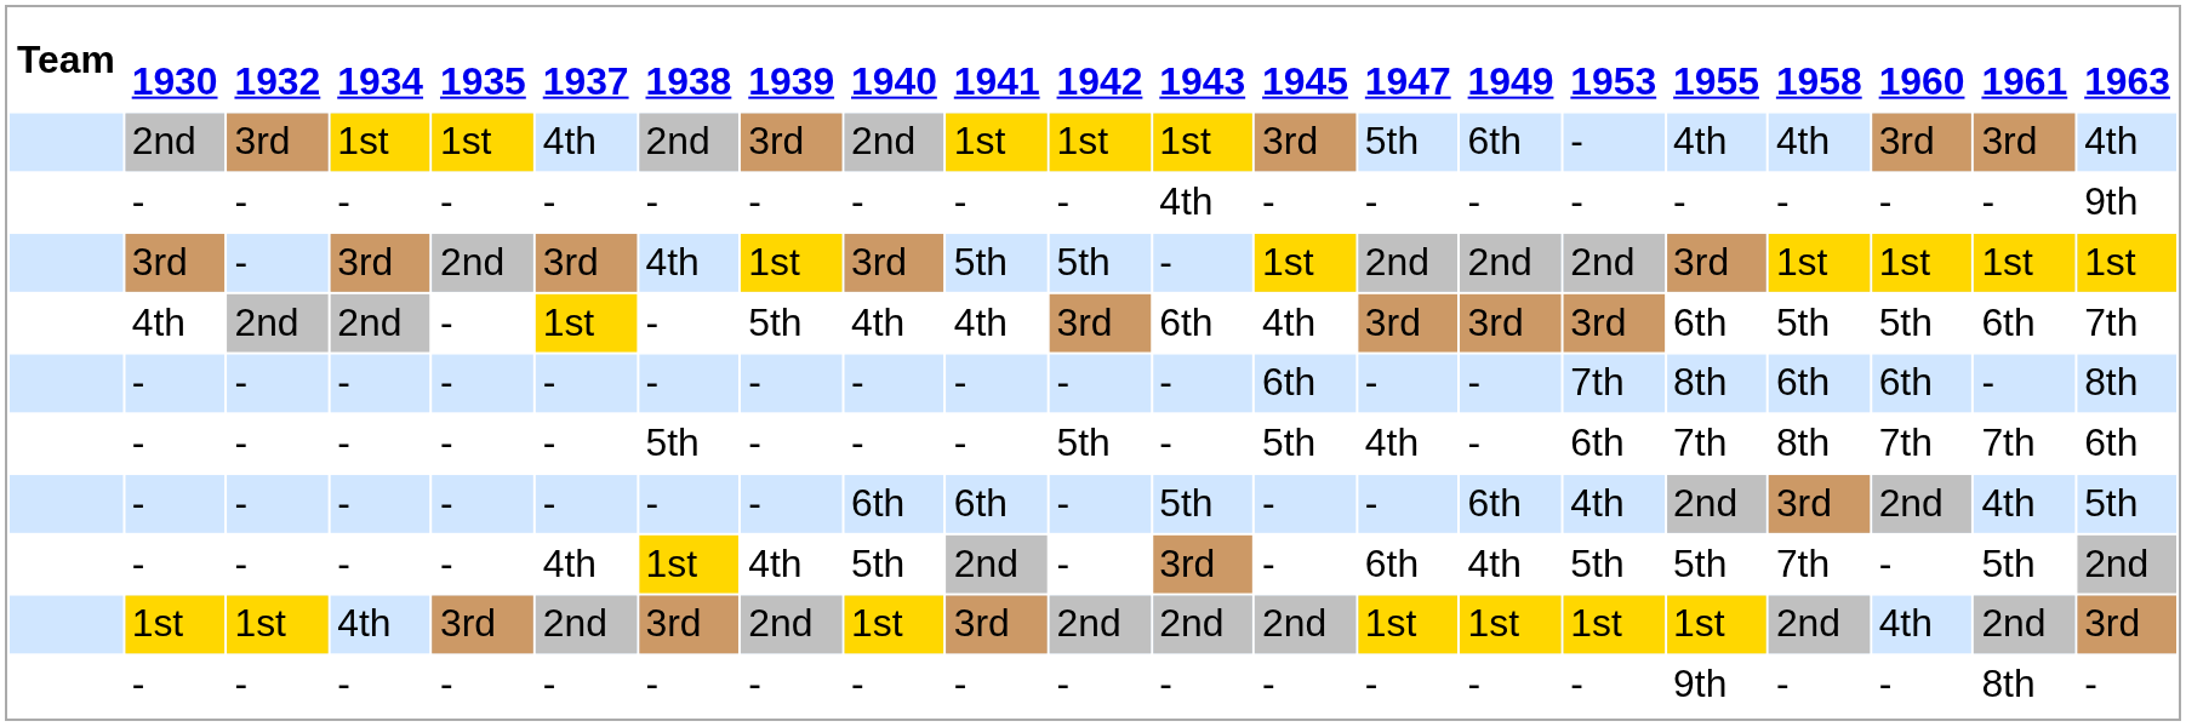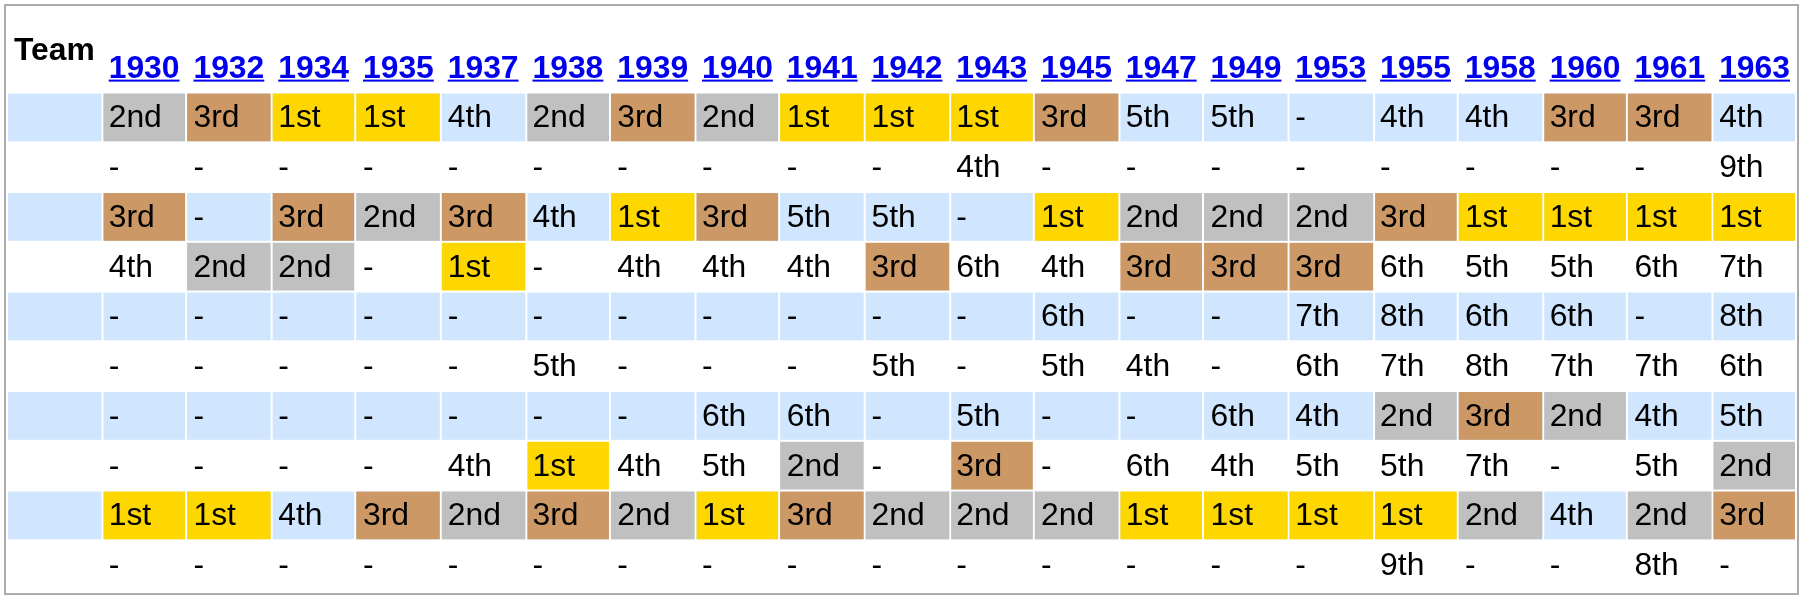 <table border="0" cellspacing="1" cellpadding="3" style="border: 1px solid #aaaaaa;">
 <tr bgcolor=>
 <td><strong>Team</strong></td>
 <td><strong><br><a href='#'>1930</a></strong></td>
 <td><strong><br><a href='#'>1932</a></strong></td>
 <td><strong><br><a href='#'>1934</a></strong></td>
 <td><strong><br><a href='#'>1935</a></strong></td>
 <td><strong><br><a href='#'>1937</a></strong></td>
 <td><strong><br><a href='#'>1938</a></strong></td>
 <td><strong><br><a href='#'>1939</a></strong></td>
 <td><strong><br><a href='#'>1940</a></strong></td>
 <td><strong><br><a href='#'>1941</a></strong></td>
 <td><strong><br><a href='#'>1942</a></strong></td>
 <td><strong><br><a href='#'>1943</a></strong></td>
 <td><strong><br><a href='#'>1945</a></strong></td>
 <td><strong><br><a href='#'>1947</a></strong></td>
 <td><strong><br><a href='#'>1949</a></strong></td>
 <td><strong><br><a href='#'>1953</a></strong></td>
 <td><strong><br><a href='#'>1955</a></strong></td>
 <td><strong><br><a href='#'>1958</a></strong></td>
 <td><strong><br><a href='#'>1960</a></strong></td>
 <td><strong><br><a href='#'>1961</a></strong></td>
 <td><strong><br><a href='#'>1963</a></strong></td>
 </tr>
 <tr bgcolor=#D0E6FF>
 <td></td>
 <td bgcolor=silver>2nd</td>
 <td bgcolor=#cc9966>3rd</td>
 <td bgcolor=gold>1st</td>
 <td bgcolor=gold>1st</td>
 <td>4th</td>
 <td bgcolor=silver>2nd</td>
 <td bgcolor=#cc9966>3rd</td>
 <td bgcolor=silver>2nd</td>
 <td bgcolor=gold>1st</td>
 <td bgcolor=gold>1st</td>
 <td bgcolor=gold>1st</td>
 <td bgcolor=#cc9966>3rd</td>
 <td>5th</td>
-<td>6th</td>
+<td>5th</td>
 <td>-</td>
 <td>4th</td>
 <td>4th</td>
 <td bgcolor=#cc9966>3rd</td>
 <td bgcolor=#cc9966>3rd</td>
 <td>4th</td>
 </tr>
 <tr bgcolor=#FFFFFF>
 <td></td>
 <td>-</td>
 <td>-</td>
 <td>-</td>
 <td>-</td>
 <td>-</td>
 <td>-</td>
 <td>-</td>
 <td>-</td>
 <td>-</td>
 <td>-</td>
 <td>4th</td>
 <td>-</td>
 <td>-</td>
 <td>-</td>
 <td>-</td>
 <td>-</td>
 <td>-</td>
 <td>-</td>
 <td>-</td>
 <td>9th</td>
 </tr>
 <tr bgcolor=#D0E6FF>
 <td></td>
 <td bgcolor=#cc9966>3rd</td>
 <td>-</td>
 <td bgcolor=#cc9966>3rd</td>
 <td bgcolor=silver>2nd</td>
 <td bgcolor=#cc9966>3rd</td>
 <td>4th</td>
 <td bgcolor=gold>1st</td>
 <td bgcolor=#cc9966>3rd</td>
 <td>5th</td>
 <td>5th</td>
 <td>-</td>
 <td bgcolor=gold>1st</td>
 <td bgcolor=silver>2nd</td>
 <td bgcolor=silver>2nd</td>
 <td bgcolor=silver>2nd</td>
 <td bgcolor=#cc9966>3rd</td>
 <td bgcolor=gold>1st</td>
 <td bgcolor=gold>1st</td>
 <td bgcolor=gold>1st</td>
 <td bgcolor=gold>1st</td>
 </tr>
 <tr bgcolor=#FFFFFF>
 <td></td>
 <td>4th</td>
 <td bgcolor=silver>2nd</td>
 <td bgcolor=silver>2nd</td>
 <td>-</td>
 <td bgcolor=gold>1st</td>
 <td>-</td>
-<td>5th</td>
+<td>4th</td>
 <td>4th</td>
 <td>4th</td>
 <td bgcolor=#cc9966>3rd</td>
 <td>6th</td>
 <td>4th</td>
 <td bgcolor=#cc9966>3rd</td>
 <td bgcolor=#cc9966>3rd</td>
 <td bgcolor=#cc9966>3rd</td>
 <td>6th</td>
 <td>5th</td>
 <td>5th</td>
 <td>6th</td>
 <td>7th</td>
 </tr>
 <tr bgcolor=#D0E6FF>
 <td></td>
 <td>-</td>
 <td>-</td>
 <td>-</td>
 <td>-</td>
 <td>-</td>
 <td>-</td>
 <td>-</td>
 <td>-</td>
 <td>-</td>
 <td>-</td>
 <td>-</td>
 <td>6th</td>
 <td>-</td>
 <td>-</td>
 <td>7th</td>
 <td>8th</td>
 <td>6th</td>
 <td>6th</td>
 <td>-</td>
 <td>8th</td>
 </tr>
 <tr bgcolor=#FFFFFF>
 <td></td>
 <td>-</td>
 <td>-</td>
 <td>-</td>
 <td>-</td>
 <td>-</td>
 <td>5th</td>
 <td>-</td>
 <td>-</td>
 <td>-</td>
 <td>5th</td>
 <td>-</td>
 <td>5th</td>
 <td>4th</td>
 <td>-</td>
 <td>6th</td>
 <td>7th</td>
 <td>8th</td>
 <td>7th</td>
 <td>7th</td>
 <td>6th</td>
 </tr>
 <tr bgcolor=#D0E6FF>
 <td></td>
 <td>-</td>
 <td>-</td>
 <td>-</td>
 <td>-</td>
 <td>-</td>
 <td>-</td>
 <td>-</td>
 <td>6th</td>
 <td>6th</td>
 <td>-</td>
 <td>5th</td>
 <td>-</td>
 <td>-</td>
 <td>6th</td>
 <td>4th</td>
 <td bgcolor=silver>2nd</td>
 <td bgcolor=#cc9966>3rd</td>
 <td bgcolor=silver>2nd</td>
 <td>4th</td>
 <td>5th</td>
 </tr>
 <tr bgcolor=#FFFFFF>
 <td></td>
 <td>-</td>
 <td>-</td>
 <td>-</td>
 <td>-</td>
 <td>4th</td>
 <td bgcolor=gold>1st</td>
 <td>4th</td>
 <td>5th</td>
 <td bgcolor=silver>2nd</td>
 <td>-</td>
 <td bgcolor=#cc9966>3rd</td>
 <td>-</td>
 <td>6th</td>
 <td>4th</td>
 <td>5th</td>
 <td>5th</td>
 <td>7th</td>
 <td>-</td>
 <td>5th</td>
 <td bgcolor=silver>2nd</td>
 </tr>
 <tr bgcolor=#D0E6FF>
 <td></td>
 <td bgcolor=gold>1st</td>
 <td bgcolor=gold>1st</td>
 <td>4th</td>
 <td bgcolor=#cc9966>3rd</td>
 <td bgcolor=silver>2nd</td>
 <td bgcolor=#cc9966>3rd</td>
 <td bgcolor=silver>2nd</td>
 <td bgcolor=gold>1st</td>
 <td bgcolor=#cc9966>3rd</td>
 <td bgcolor=silver>2nd</td>
 <td bgcolor=silver>2nd</td>
 <td bgcolor=silver>2nd</td>
 <td bgcolor=gold>1st</td>
 <td bgcolor=gold>1st</td>
 <td bgcolor=gold>1st</td>
 <td bgcolor=gold>1st</td>
 <td bgcolor=silver>2nd</td>
 <td>4th</td>
 <td bgcolor=silver>2nd</td>
 <td bgcolor=#cc9966>3rd</td>
 </tr>
 <tr bgcolor=#FFFFFF>
 <td></td>
 <td>-</td>
 <td>-</td>
 <td>-</td>
 <td>-</td>
 <td>-</td>
 <td>-</td>
 <td>-</td>
 <td>-</td>
 <td>-</td>
 <td>-</td>
 <td>-</td>
 <td>-</td>
 <td>-</td>
 <td>-</td>
 <td>-</td>
 <td>9th</td>
 <td>-</td>
 <td>-</td>
 <td>8th</td>
 <td>-</td>
 </tr>
 <tr bgcolor=#D0E6FF>
 </tr>
 </table>
